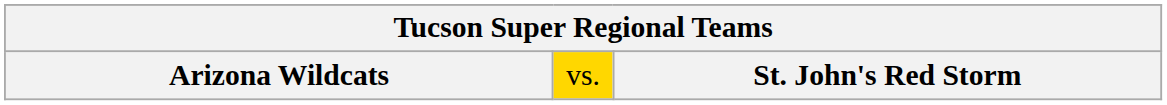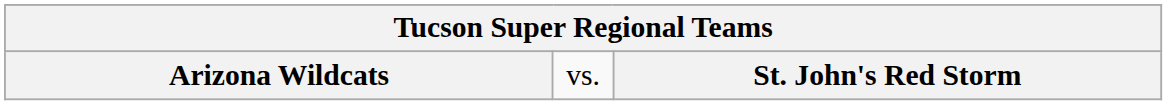 <table class="wikitable">
 <tr>
 <th style="width: 604px;" colspan=3>Tucson Super Regional Teams</th>
 </tr>
 <tr>
 <th style="width: 289px; ">Arizona Wildcats</th>
-<td style="background: gold; width: 25px; text-align:center">vs.</td>
+<td style="width: 25px; text-align:center">vs.</td>
 <th style="width: 289px; ">St. John's Red Storm</th>
 </tr>
 </table>
